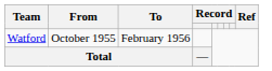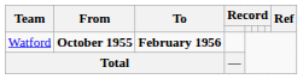 <table class="wikitable" style="text-align:center">
 <tr>
 <th rowspan="2">Team</th>
 <th rowspan="2">From</th>
 <th rowspan="2">To</th>
 <th colspan="5">Record</th>
 <th rowspan="2">Ref</th>
 </tr>
 <tr>
 <th></th>
 <th></th>
 <th></th>
 <th></th>
 <th></th>
 </tr>
 <tr>
 <td align=left><a href='#'>Watford</a></td>
-<td align=left>October 1955</td>
-<td align=left>February 1956<br></td>
+<td align=left><strong>October 1955</strong></td>
+<td align=left><strong>February 1956<br></strong></td>
 <td></td>
 </tr>
 <tr>
 <th colspan=3>Total<br></th>
 <th>—</th>
 </tr>
 </table>
